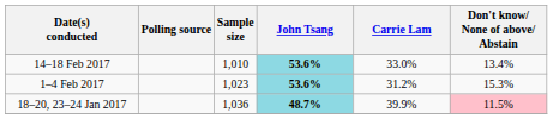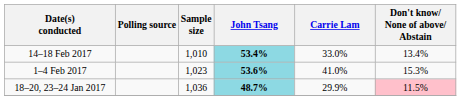 <table class="wikitable collapsible" style="text-align:center; font-size:80%; line-height:16px; margin-bottom:0; font-family:Verdana;">
 <tr style="height:42px; background:#e9e9e9;">
 <th width=140px>Date(s)<br>conducted</th>
 <th>Polling source</th>
 <th>Sample<br>size</th>
 <th width=100px><a href='#'>John Tsang</a></th>
 <th width=100px><a href='#'>Carrie Lam</a></th>
 <th width=100px>Don't know/<br>None of above/<br>Abstain</th>
 </tr>
 <tr>
 <td>14–18 Feb 2017</td>
 <td></td>
 <td>1,010</td>
-<td bgcolor=#8dd9e3><strong>53.6%</strong></td>
+<td bgcolor=#8dd9e3><strong>53.4%</strong></td>
 <td>33.0%</td>
 <td>13.4%</td>
 </tr>
 <tr>
 <td>1–4 Feb 2017</td>
 <td></td>
 <td>1,023</td>
 <td bgcolor=#8dd9e3><strong>53.6%</strong></td>
-<td>31.2%</td>
+<td>41.0%</td>
 <td>15.3%</td>
 </tr>
 <tr>
 <td>18–20, 23–24 Jan 2017</td>
 <td></td>
 <td>1,036</td>
 <td bgcolor=#8dd9e3><strong>48.7%</strong></td>
-<td>39.9%</td>
+<td>29.9%</td>
 <td style="background: pink;">11.5%</td>
 </tr>
 <tr>
 </tr>
 </table>
